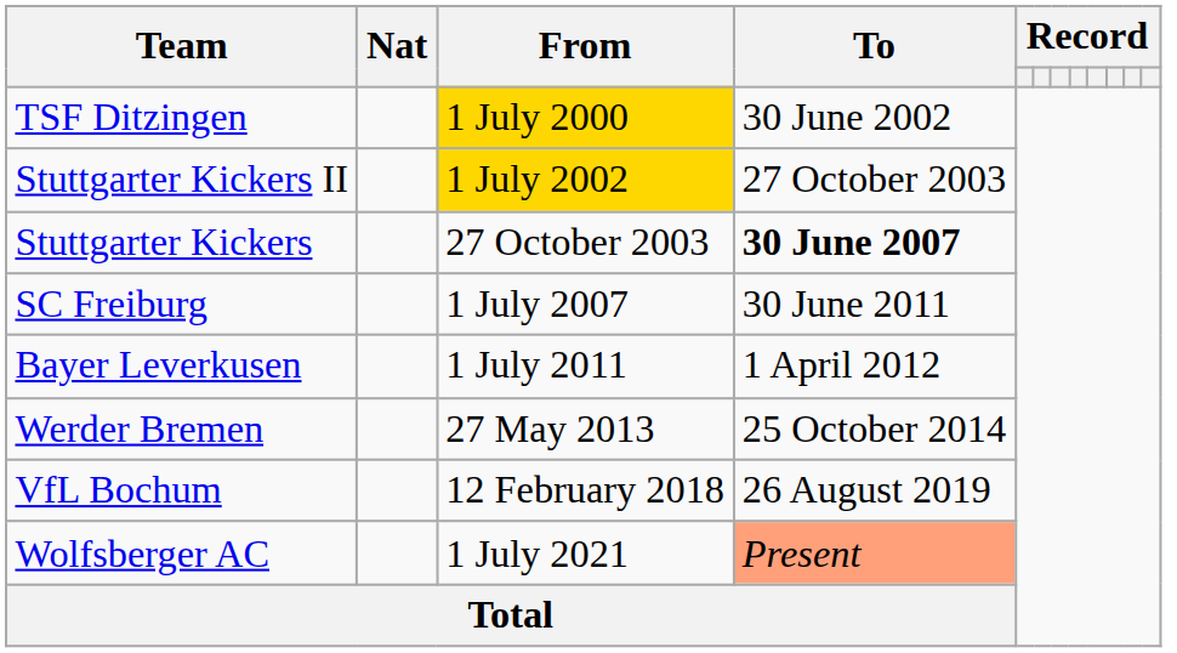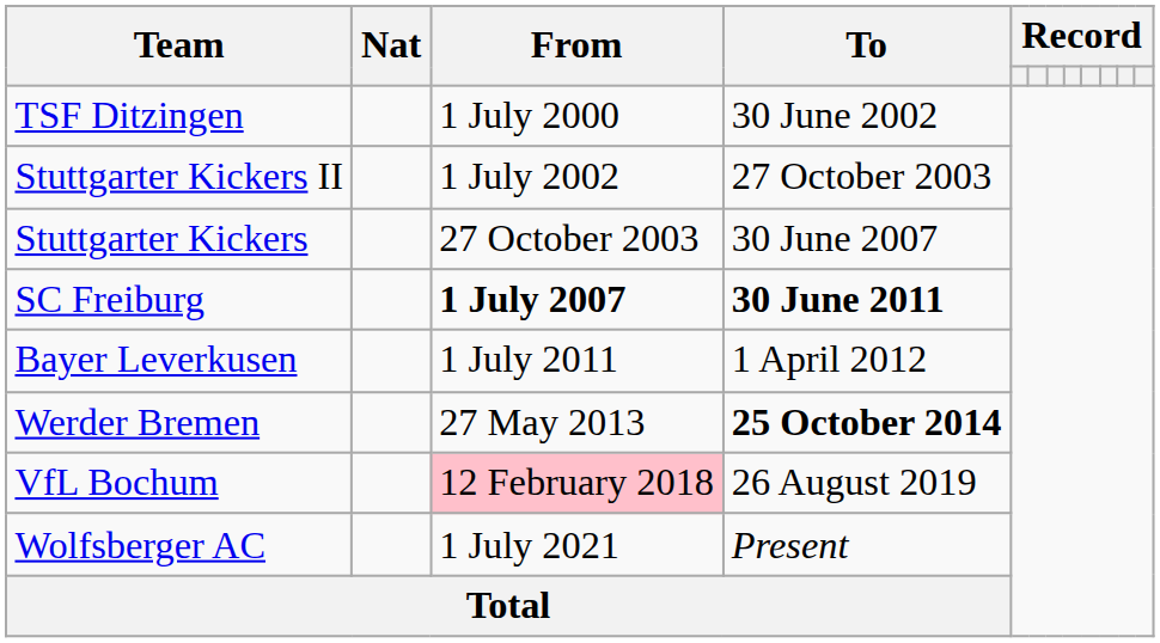 <table class="wikitable" style="text-align: center">
 <tr>
 <th rowspan="2">Team</th>
 <th rowspan="2">Nat</th>
 <th rowspan="2">From</th>
 <th rowspan="2">To</th>
 <th colspan="8">Record</th>
 </tr>
 <tr>
 <th></th>
 <th></th>
 <th></th>
 <th></th>
 <th></th>
 <th></th>
 <th></th>
 <th></th>
 </tr>
 <tr>
 <td align=left><a href='#'>TSF Ditzingen</a></td>
 <td></td>
-<td align=left style="background: gold;">1 July 2000</td>
+<td align=left>1 July 2000</td>
 <td align=left>30 June 2002<br></td>
 </tr>
 <tr>
 <td align=left><a href='#'>Stuttgarter Kickers</a> II</td>
 <td></td>
-<td align=left style="background: gold;">1 July 2002</td>
+<td align=left>1 July 2002</td>
 <td align=left>27 October 2003<br></td>
 </tr>
 <tr>
 <td align=left><a href='#'>Stuttgarter Kickers</a></td>
 <td></td>
 <td align=left>27 October 2003</td>
-<td align=left><strong>30 June 2007<br></strong></td>
+<td align=left>30 June 2007<br></td>
 </tr>
 <tr>
 <td align=left><a href='#'>SC Freiburg</a></td>
 <td></td>
-<td align=left>1 July 2007</td>
-<td align=left>30 June 2011<br></td>
+<td align=left><strong>1 July 2007</strong></td>
+<td align=left><strong>30 June 2011<br></strong></td>
 </tr>
 <tr>
 <td align=left><a href='#'>Bayer Leverkusen</a></td>
 <td></td>
 <td align=left>1 July 2011</td>
 <td align=left>1 April 2012<br></td>
 </tr>
 <tr>
 <td align=left><a href='#'>Werder Bremen</a></td>
 <td></td>
 <td align=left>27 May 2013</td>
-<td align=left>25 October 2014<br></td>
+<td align=left><strong>25 October 2014<br></strong></td>
 </tr>
 <tr>
 <td align=left><a href='#'>VfL Bochum</a></td>
 <td></td>
-<td align=left>12 February 2018</td>
+<td align=left style="background: pink;">12 February 2018</td>
 <td align=left>26 August 2019<br></td>
 </tr>
 <tr>
 <td align=left><a href='#'>Wolfsberger AC</a></td>
 <td></td>
 <td align=left>1 July 2021</td>
-<td align=left style="background: lightsalmon;"><em>Present</em><br></td>
+<td align=left><em>Present</em><br></td>
 </tr>
 <tr>
 <th colspan="4">Total<br></th>
 </tr>
 </table>
